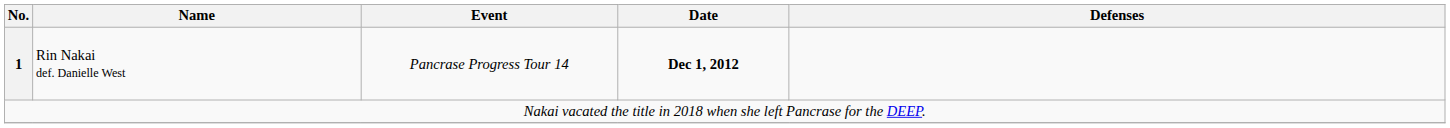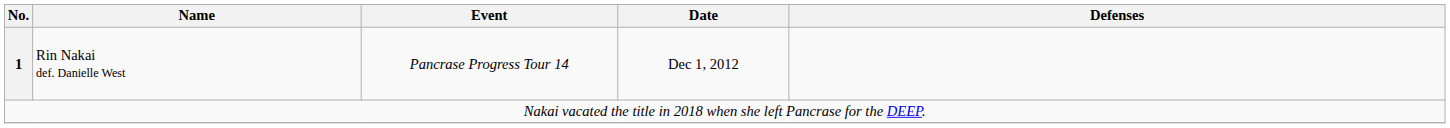 <table class="wikitable" width=100%>
 <tr>
 <th width=1%>No.</th>
 <th width=23%>Name</th>
 <th width=18%>Event</th>
 <th width=12%>Date</th>
 <th width=46%>Defenses</th>
 </tr>
 <tr>
 <th>1</th>
 <td align=left> Rin Nakai<br><small>def. Danielle West</small></td>
 <td align=center><em>Pancrase Progress Tour 14</em><br></td>
-<td align=center><strong>Dec 1, 2012</strong></td>
+<td align=center>Dec 1, 2012</td>
 <td><br><br><br><br></td>
 </tr>
 <tr>
 <td align="center" colspan="5"><em>Nakai vacated the title in 2018 when she left Pancrase for the <a href='#'>DEEP</a>.</em></td>
 </tr>
 <tr>
 </tr>
 </table>
